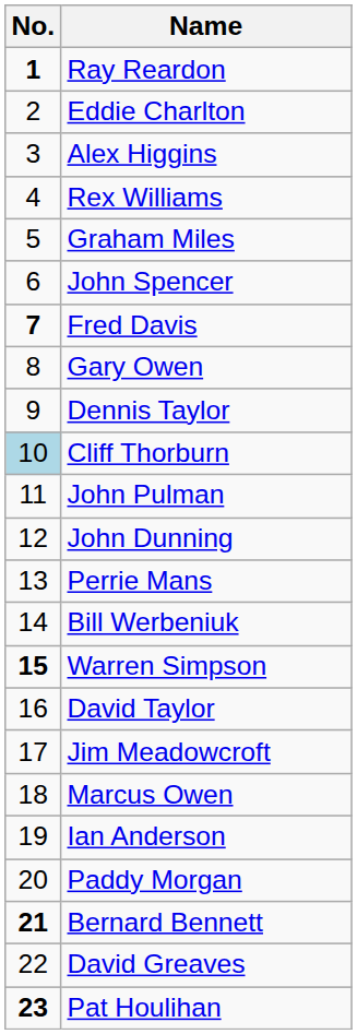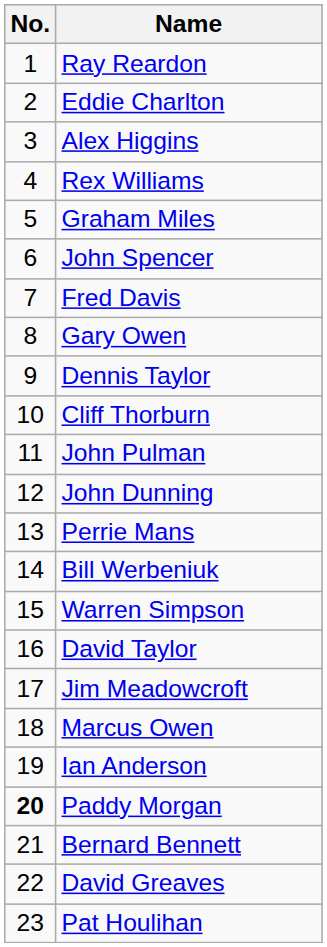 <table class="wikitable" style="text-align: center;">
 <tr>
 <th>No.</th>
 <th width=165>Name</th>
 </tr>
 <tr>
-<td><strong>1</strong></td>
+<td>1</td>
 <td style="text-align:left;"> <a href='#'>Ray Reardon</a></td>
 </tr>
 <tr>
 <td>2</td>
 <td style="text-align:left;"> <a href='#'>Eddie Charlton</a></td>
 </tr>
 <tr>
 <td>3</td>
 <td style="text-align:left;"> <a href='#'>Alex Higgins</a></td>
 </tr>
 <tr>
 <td>4</td>
 <td style="text-align:left;"> <a href='#'>Rex Williams</a></td>
 </tr>
 <tr>
 <td>5</td>
 <td style="text-align:left;"> <a href='#'>Graham Miles</a></td>
 </tr>
 <tr>
 <td>6</td>
 <td style="text-align:left;"> <a href='#'>John Spencer</a></td>
 </tr>
 <tr>
-<td><strong>7</strong></td>
+<td>7</td>
 <td style="text-align:left;"> <a href='#'>Fred Davis</a></td>
 </tr>
 <tr>
 <td>8</td>
 <td style="text-align:left;"> <a href='#'>Gary Owen</a></td>
 </tr>
 <tr>
 <td>9</td>
 <td style="text-align:left;"> <a href='#'>Dennis Taylor</a></td>
 </tr>
 <tr>
-<td style="background: lightblue;">10</td>
+<td>10</td>
 <td style="text-align:left;"> <a href='#'>Cliff Thorburn</a></td>
 </tr>
 <tr>
 <td>11</td>
 <td style="text-align:left;"> <a href='#'>John Pulman</a></td>
 </tr>
 <tr>
 <td>12</td>
 <td style="text-align:left;"> <a href='#'>John Dunning</a></td>
 </tr>
 <tr>
 <td>13</td>
 <td style="text-align:left;"> <a href='#'>Perrie Mans</a></td>
 </tr>
 <tr>
 <td>14</td>
 <td style="text-align:left;"> <a href='#'>Bill Werbeniuk</a></td>
 </tr>
 <tr>
-<td><strong>15</strong></td>
+<td>15</td>
 <td style="text-align:left;"> <a href='#'>Warren Simpson</a></td>
 </tr>
 <tr>
 <td>16</td>
 <td style="text-align:left;"> <a href='#'>David Taylor</a></td>
 </tr>
 <tr>
 <td>17</td>
 <td style="text-align:left;"> <a href='#'>Jim Meadowcroft</a></td>
 </tr>
 <tr>
 <td>18</td>
 <td style="text-align:left;"> <a href='#'>Marcus Owen</a></td>
 </tr>
 <tr>
 <td>19</td>
 <td style="text-align:left;"> <a href='#'>Ian Anderson</a></td>
 </tr>
 <tr>
-<td>20</td>
+<td><strong>20</strong></td>
 <td style="text-align:left;"> <a href='#'>Paddy Morgan</a></td>
 </tr>
 <tr>
-<td><strong>21</strong></td>
+<td>21</td>
 <td style="text-align:left;"> <a href='#'>Bernard Bennett</a></td>
 </tr>
 <tr>
 <td>22</td>
 <td style="text-align:left;"> <a href='#'>David Greaves</a></td>
 </tr>
 <tr>
-<td><strong>23</strong></td>
+<td>23</td>
 <td style="text-align:left;"> <a href='#'>Pat Houlihan</a></td>
 </tr>
 </table>
